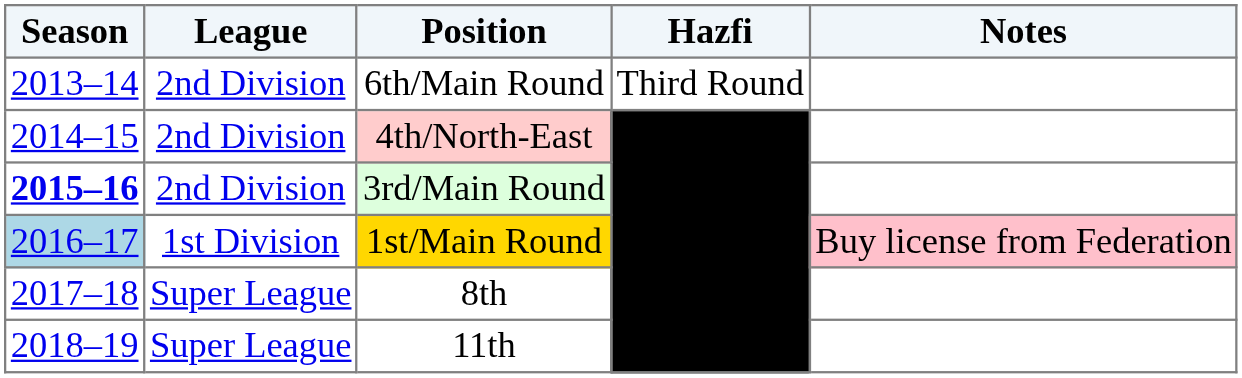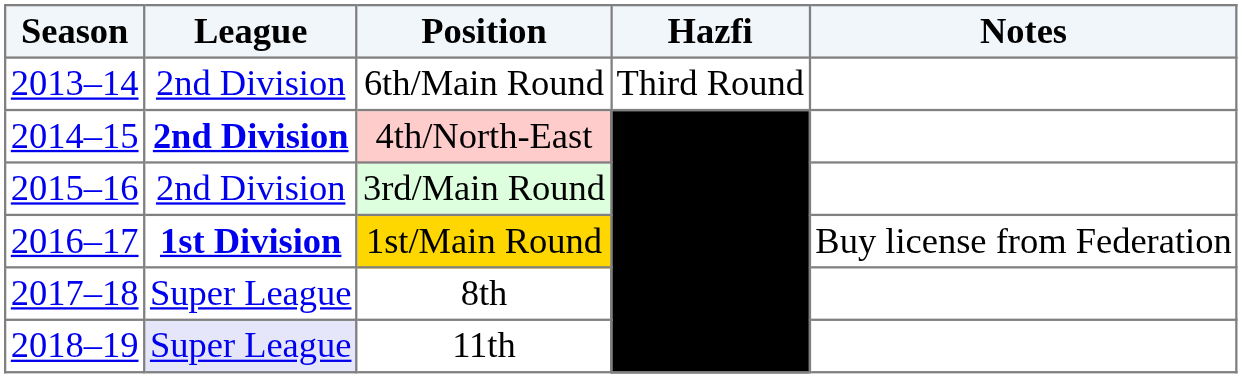 <table border="1" cellpadding="2" style="border-collapse:collapse; text-align:center; font-size:normal;">
 <tr style="background:#f0f6fa;">
 <th>Season</th>
 <th>League</th>
 <th>Position</th>
 <th>Hazfi</th>
 <th>Notes</th>
 </tr>
 <tr>
 <td><a href='#'>2013–14</a></td>
 <td><a href='#'>2nd Division</a></td>
 <td>6th/Main Round</td>
 <td>Third Round</td>
 <td></td>
 </tr>
 <tr>
 <td><a href='#'>2014–15</a></td>
-<td><a href='#'>2nd Division</a></td>
+<td><strong><a href='#'>2nd Division</a></strong></td>
 <td bgcolor="#FFCCCC">4th/North-East</td>
 <td rowspan=5 bgcolor= black></td>
 <td></td>
 </tr>
 <tr>
-<td><strong><a href='#'>2015–16</a></strong></td>
+<td><a href='#'>2015–16</a></td>
 <td><a href='#'>2nd Division</a></td>
 <td bgcolor="#DDFFDD">3rd/Main Round</td>
 <td></td>
 </tr>
 <tr>
-<td style="background: lightblue;"><a href='#'>2016–17</a></td>
-<td><a href='#'>1st Division</a></td>
+<td><a href='#'>2016–17</a></td>
+<td><strong><a href='#'>1st Division</a></strong></td>
 <td bgcolor=gold>1st/Main Round</td>
-<td style="background: pink;">Buy license from Federation</td>
+<td>Buy license from Federation</td>
 </tr>
 <tr>
 <td><a href='#'>2017–18</a></td>
 <td><a href='#'>Super League</a></td>
 <td>8th</td>
 <td></td>
 </tr>
 <tr>
 <td><a href='#'>2018–19</a></td>
-<td><a href='#'>Super League</a></td>
+<td style="background: lavender;"><a href='#'>Super League</a></td>
 <td>11th</td>
 <td></td>
 </tr>
 </table>
